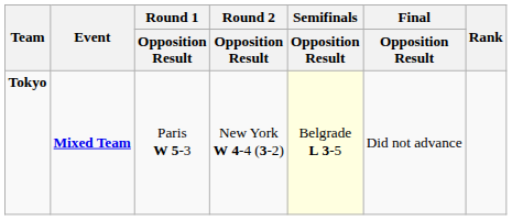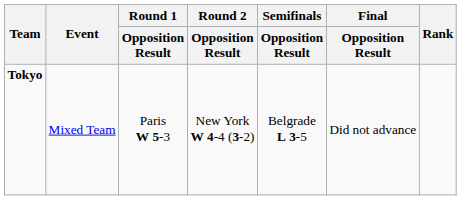 <table class="wikitable" border="1" style="font-size:90%">
 <tr>
 <th rowspan=2>Team</th>
 <th rowspan=2>Event</th>
 <th>Round 1</th>
 <th>Round 2</th>
 <th>Semifinals</th>
 <th>Final</th>
 <th rowspan=2>Rank</th>
 </tr>
 <tr>
 <th>Opposition<br>Result</th>
 <th>Opposition<br>Result</th>
 <th>Opposition<br>Result</th>
 <th>Opposition<br>Result</th>
 </tr>
 <tr>
 <td><strong>Tokyo</strong><br><br><br><br><br><br><br><br></td>
-<td><strong><a href='#'>Mixed Team</a></strong></td>
+<td><a href='#'>Mixed Team</a></td>
 <td align=center>Paris <br> <strong>W</strong> <strong>5</strong>-3</td>
 <td align=center>New York <br> <strong>W</strong> <strong>4</strong>-4 (<strong>3</strong>-2)</td>
-<td align=center style="background: lightyellow;">Belgrade <br> <strong>L</strong> <strong>3</strong>-5</td>
+<td align=center>Belgrade <br> <strong>L</strong> <strong>3</strong>-5</td>
 <td align=center>Did not advance</td>
 <td align=center></td>
 </tr>
 </table>
